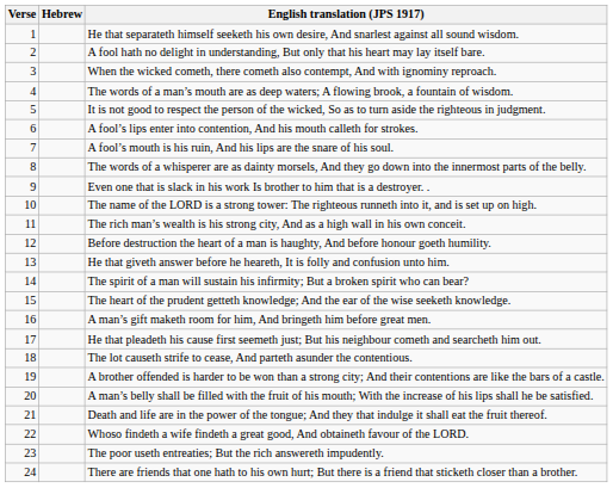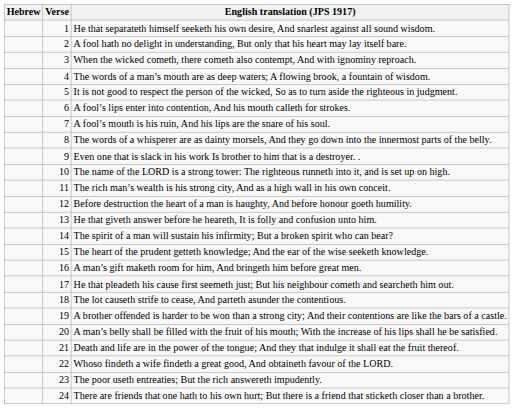 <table class="wikitable">
 <tr>
+<th>Hebrew</th>
 <th>Verse</th>
-<th>Hebrew</th>
 <th>English translation (JPS 1917)</th>
 </tr>
 <tr>
+<td style="text-align:right"></td>
 <td style="text-align:right">1</td>
-<td style="text-align:right"></td>
 <td>He that separateth himself seeketh his own desire, And snarlest against all sound wisdom.</td>
 </tr>
 <tr>
+<td style="text-align:right"></td>
 <td style="text-align:right">2</td>
-<td style="text-align:right"></td>
 <td>A fool hath no delight in understanding, But only that his heart may lay itself bare.</td>
 </tr>
 <tr>
+<td style="text-align:right"></td>
 <td style="text-align:right">3</td>
-<td style="text-align:right"></td>
 <td>When the wicked cometh, there cometh also contempt, And with ignominy reproach.</td>
 </tr>
 <tr>
+<td style="text-align:right"></td>
 <td style="text-align:right">4</td>
-<td style="text-align:right"></td>
 <td>The words of a man’s mouth are as deep waters; A flowing brook, a fountain of wisdom.</td>
 </tr>
 <tr>
+<td style="text-align:right"></td>
 <td style="text-align:right">5</td>
-<td style="text-align:right"></td>
 <td>It is not good to respect the person of the wicked, So as to turn aside the righteous in judgment.</td>
 </tr>
 <tr>
+<td style="text-align:right"></td>
 <td style="text-align:right">6</td>
-<td style="text-align:right"></td>
 <td>A fool’s lips enter into contention, And his mouth calleth for strokes.</td>
 </tr>
 <tr>
+<td style="text-align:right"></td>
 <td style="text-align:right">7</td>
-<td style="text-align:right"></td>
 <td>A fool’s mouth is his ruin, And his lips are the snare of his soul.</td>
 </tr>
 <tr>
+<td style="text-align:right"></td>
 <td style="text-align:right">8</td>
-<td style="text-align:right"></td>
 <td>The words of a whisperer are as dainty morsels, And they go down into the innermost parts of the belly.</td>
 </tr>
 <tr>
+<td style="text-align:right"></td>
 <td style="text-align:right">9</td>
-<td style="text-align:right"></td>
 <td>Even one that is slack in his work Is brother to him that is a destroyer. .</td>
 </tr>
 <tr>
+<td style="text-align:right"></td>
 <td style="text-align:right">10</td>
-<td style="text-align:right"></td>
 <td>The name of the LORD is a strong tower: The righteous runneth into it, and is set up on high.</td>
 </tr>
 <tr>
+<td style="text-align:right"></td>
 <td style="text-align:right">11</td>
-<td style="text-align:right"></td>
 <td>The rich man’s wealth is his strong city, And as a high wall in his own conceit.</td>
 </tr>
 <tr>
+<td style="text-align:right"></td>
 <td style="text-align:right">12</td>
-<td style="text-align:right"></td>
 <td>Before destruction the heart of a man is haughty, And before honour goeth humility.</td>
 </tr>
 <tr>
+<td style="text-align:right"></td>
 <td style="text-align:right">13</td>
-<td style="text-align:right"></td>
 <td>He that giveth answer before he heareth, It is folly and confusion unto him.</td>
 </tr>
 <tr>
+<td style="text-align:right"></td>
 <td style="text-align:right">14</td>
-<td style="text-align:right"></td>
 <td>The spirit of a man will sustain his infirmity; But a broken spirit who can bear?</td>
 </tr>
 <tr>
+<td style="text-align:right"></td>
 <td style="text-align:right">15</td>
-<td style="text-align:right"></td>
 <td>The heart of the prudent getteth knowledge; And the ear of the wise seeketh knowledge.</td>
 </tr>
 <tr>
+<td style="text-align:right"></td>
 <td style="text-align:right">16</td>
-<td style="text-align:right"></td>
 <td>A man’s gift maketh room for him, And bringeth him before great men.</td>
 </tr>
 <tr>
+<td style="text-align:right"></td>
 <td style="text-align:right">17</td>
-<td style="text-align:right"></td>
 <td>He that pleadeth his cause first seemeth just; But his neighbour cometh and searcheth him out.</td>
 </tr>
 <tr>
+<td style="text-align:right"></td>
 <td style="text-align:right">18</td>
-<td style="text-align:right"></td>
 <td>The lot causeth strife to cease, And parteth asunder the contentious.</td>
 </tr>
 <tr>
+<td style="text-align:right"></td>
 <td style="text-align:right">19</td>
-<td style="text-align:right"></td>
 <td>A brother offended is harder to be won than a strong city; And their contentions are like the bars of a castle.</td>
 </tr>
 <tr>
+<td style="text-align:right"></td>
 <td style="text-align:right">20</td>
-<td style="text-align:right"></td>
 <td>A man’s belly shall be filled with the fruit of his mouth; With the increase of his lips shall he be satisfied.</td>
 </tr>
 <tr>
+<td style="text-align:right"></td>
 <td style="text-align:right">21</td>
-<td style="text-align:right"></td>
 <td>Death and life are in the power of the tongue; And they that indulge it shall eat the fruit thereof.</td>
 </tr>
 <tr>
+<td style="text-align:right"></td>
 <td style="text-align:right">22</td>
-<td style="text-align:right"></td>
 <td>Whoso findeth a wife findeth a great good, And obtaineth favour of the LORD.</td>
 </tr>
 <tr>
+<td style="text-align:right"></td>
 <td style="text-align:right">23</td>
-<td style="text-align:right"></td>
 <td>The poor useth entreaties; But the rich answereth impudently.</td>
 </tr>
 <tr>
+<td style="text-align:right"></td>
 <td style="text-align:right">24</td>
-<td style="text-align:right"></td>
 <td>There are friends that one hath to his own hurt; But there is a friend that sticketh closer than a brother.</td>
 </tr>
 </table>
